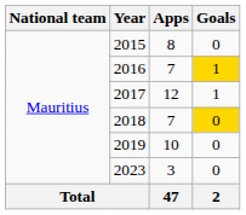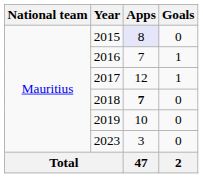 <table class="wikitable" style="text-align:center">
 <tr>
 <th>National team</th>
 <th>Year</th>
 <th>Apps</th>
 <th>Goals</th>
 </tr>
 <tr>
 <td rowspan="6"><a href='#'>Mauritius</a></td>
 <td>2015</td>
-<td>8</td>
+<td style="background: lavender;">8</td>
 <td>0</td>
 </tr>
 <tr>
 <td>2016</td>
 <td>7</td>
-<td style="background: gold;">1</td>
+<td>1</td>
 </tr>
 <tr>
 <td>2017</td>
 <td>12</td>
 <td>1</td>
 </tr>
 <tr>
 <td>2018</td>
-<td>7</td>
-<td style="background: gold;">0</td>
+<td><strong>7</strong></td>
+<td>0</td>
 </tr>
 <tr>
 <td>2019</td>
 <td>10</td>
 <td>0</td>
 </tr>
 <tr>
 <td>2023</td>
 <td>3</td>
 <td>0</td>
 </tr>
 <tr>
 <th colspan="2">Total</th>
 <th>47</th>
 <th>2</th>
 </tr>
 </table>
